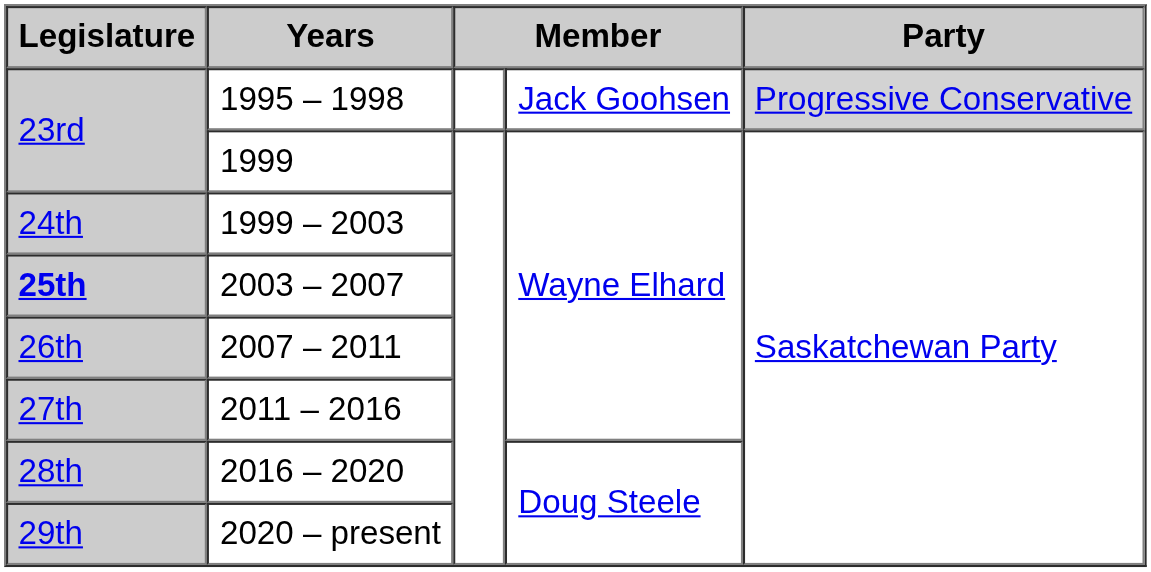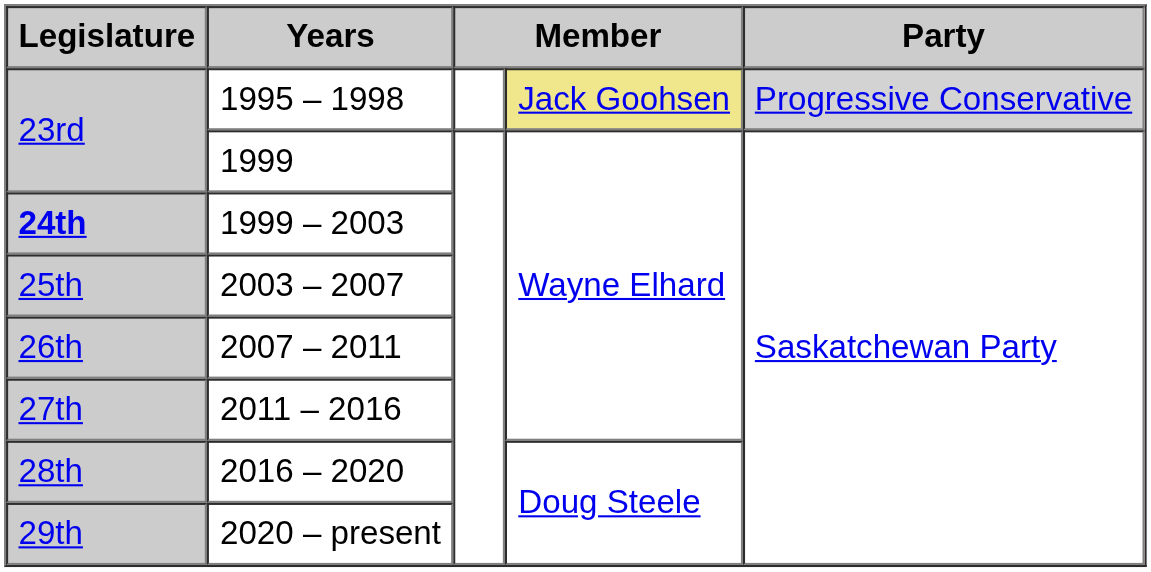 <table border=1 cellpadding=5 cellspacing=0>
 <tr bgcolor="CCCCCC">
 <th>Legislature</th>
 <th>Years</th>
 <th colspan="2">Member</th>
 <th>Party</th>
 </tr>
 <tr>
 <td bgcolor="CCCCCC" rowspan="2"><a href='#'>23rd</a></td>
 <td>1995 – 1998</td>
 <td>   </td>
-<td><a href='#'>Jack Goohsen</a></td>
+<td style="background: khaki;"><a href='#'>Jack Goohsen</a></td>
 <td style="background: lightgrey;"><a href='#'>Progressive Conservative</a></td>
 </tr>
 <tr>
 <td>1999</td>
 <td rowspan="7" >   </td>
 <td rowspan="5"><a href='#'>Wayne Elhard</a></td>
 <td rowspan="7"><a href='#'>Saskatchewan Party</a></td>
 </tr>
 <tr>
-<td bgcolor="CCCCCC"><a href='#'>24th</a></td>
+<td bgcolor="CCCCCC"><strong><a href='#'>24th</a></strong></td>
 <td>1999 – 2003</td>
 </tr>
 <tr>
-<td bgcolor="CCCCCC"><strong><a href='#'>25th</a></strong></td>
+<td bgcolor="CCCCCC"><a href='#'>25th</a></td>
 <td>2003 – 2007</td>
 </tr>
 <tr>
 <td bgcolor="CCCCCC"><a href='#'>26th</a></td>
 <td>2007 – 2011</td>
 </tr>
 <tr>
 <td bgcolor="CCCCCC"><a href='#'>27th</a></td>
 <td>2011 – 2016</td>
 </tr>
 <tr>
 <td bgcolor="CCCCCC"><a href='#'>28th</a></td>
 <td>2016 – 2020</td>
 <td rowspan="2"><a href='#'>Doug Steele</a></td>
 </tr>
 <tr>
 <td bgcolor="CCCCCC"><a href='#'>29th</a></td>
 <td>2020 – present</td>
 </tr>
 </table>
